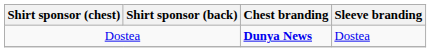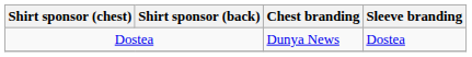 <table class="wikitable"  style="font-size:85%;">
 <tr>
 <th>Shirt sponsor (chest)</th>
 <th>Shirt sponsor (back)</th>
 <th>Chest branding</th>
 <th>Sleeve branding</th>
 </tr>
 <tr>
 <td style="text-align:center" colspan="2"><a href='#'>Dostea</a></td>
-<td><strong><a href='#'>Dunya News</a></strong></td>
+<td><a href='#'>Dunya News</a></td>
 <td><a href='#'>Dostea</a></td>
 </tr>
 <tr>
 </tr>
 </table>
